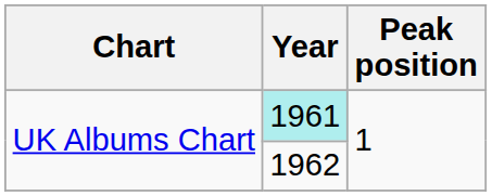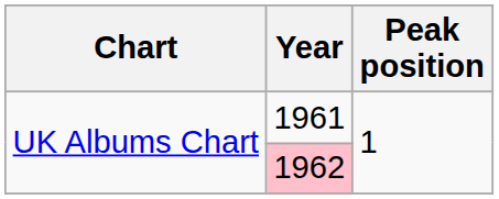 <table class="wikitable sortable">
 <tr>
 <th>Chart</th>
 <th>Year</th>
 <th>Peak<br>position</th>
 </tr>
 <tr>
 <td rowspan="2"><a href='#'>UK Albums Chart</a></td>
-<td align="left" style="background: paleturquoise;">1961</td>
+<td align="left">1961</td>
 <td rowspan="2">1</td>
 </tr>
 <tr>
-<td align="left">1962</td>
+<td align="left" style="background: pink;">1962</td>
 </tr>
 </table>
